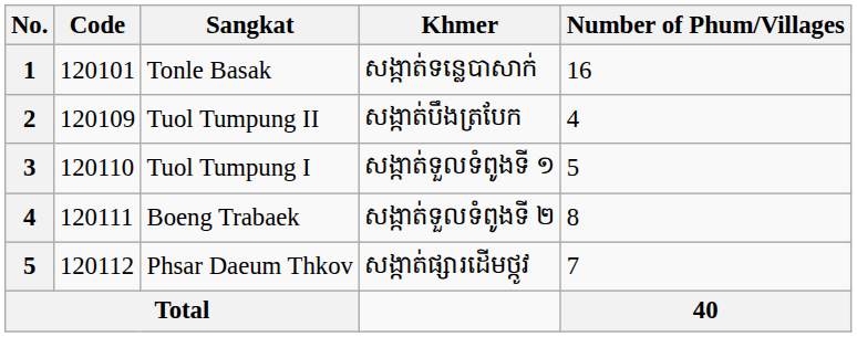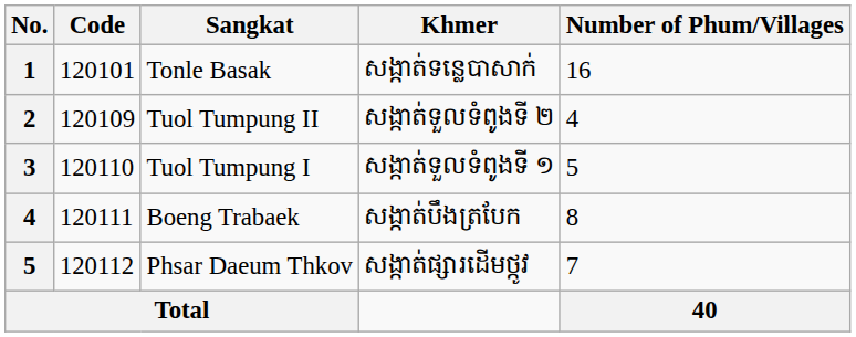 <table class="wikitable sortable">
 <tr>
 <th>No.</th>
 <th>Code</th>
 <th>Sangkat</th>
 <th>Khmer</th>
 <th>Number of Phum/Villages</th>
 </tr>
 <tr>
 <th>1</th>
 <td>120101</td>
 <td>Tonle Basak</td>
 <td>សង្កាត់ទន្លេបាសាក់</td>
 <td>16</td>
 </tr>
 <tr>
 <th>2</th>
 <td>120109</td>
 <td>Tuol Tumpung II</td>
-<td>សង្កាត់បឹងត្របែក</td>
+<td>សង្កាត់ទួលទំពូងទី ២</td>
 <td>4</td>
 </tr>
 <tr>
 <th>3</th>
 <td>120110</td>
 <td>Tuol Tumpung I</td>
 <td>សង្កាត់ទួលទំពូងទី ១</td>
 <td>5</td>
 </tr>
 <tr>
 <th>4</th>
 <td>120111</td>
 <td>Boeng Trabaek</td>
-<td>សង្កាត់ទួលទំពូងទី ២</td>
+<td>សង្កាត់បឹងត្របែក</td>
 <td>8</td>
 </tr>
 <tr>
 <th>5</th>
 <td>120112</td>
 <td>Phsar Daeum Thkov</td>
 <td>សង្កាត់ផ្សារដើមថ្កូវ</td>
 <td>7</td>
 </tr>
 <tr>
 <th colspan="3">Total</th>
 <td></td>
 <th>40</th>
 </tr>
 </table>
